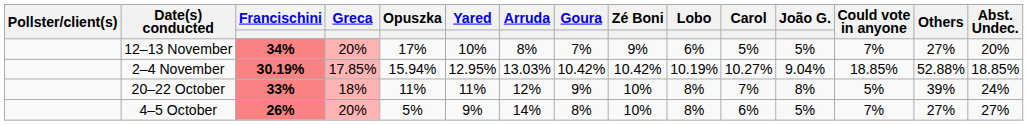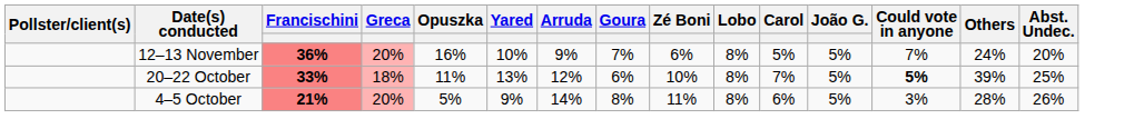 <table class="wikitable" style="text-align:center;font-size:90%;line-height:14px;">
 <tr>
 <th rowspan="2">Pollster/client(s)</th>
 <th rowspan="2">Date(s)<br>conducted</th>
 <th><a href='#'>Francischini</a><br></th>
 <th><a href='#'>Greca</a><br></th>
 <th>Opuszka<br></th>
 <th><a href='#'>Yared</a><br></th>
 <th><a href='#'>Arruda</a><br></th>
 <th><a href='#'>Goura</a><br></th>
 <th>Zé Boni<br></th>
 <th>Lobo<br></th>
 <th>Carol<br></th>
 <th>João G.<br></th>
 <th rowspan="2">Could vote<br>in anyone</th>
 <th rowspan="2">Others</th>
 <th rowspan="2">Abst.<br>Undec.</th>
 </tr>
 <tr>
 <th class="sortable" data-sort-type="number" style="background:"></th>
 <th class="sortable" data-sort-type="number" style="background:"></th>
 <th class="sortable" data-sort-type="number" style="background:"></th>
 <th class="sortable" data-sort-type="number" style="background:"></th>
 <th class="sortable" data-sort-type="number" style="background:"></th>
 <th class="sortable" data-sort-type="number" style="background:"></th>
 <th class="sortable" data-sort-type="number" style="background:"></th>
 <th class="sortable" data-sort-type="number" style="background:"></th>
 <th class="sortable" data-sort-type="number" style="background:"></th>
 <th class="sortable" data-sort-type="number" style="background:"></th>
 </tr>
 <tr>
 <td></td>
 <td>12–13 November</td>
-<td style="background:#fa8282;"><strong>34%</strong></td>
+<td style="background:#fa8282;"><strong>36%</strong></td>
 <td style="background:#ffb3b3;">20%</td>
-<td>17%</td>
+<td>16%</td>
 <td>10%</td>
+<td>9%</td>
+<td>7%</td>
+<td>6%</td>
 <td>8%</td>
-<td>7%</td>
-<td>9%</td>
-<td>6%</td>
 <td>5%</td>
 <td>5%</td>
 <td>7%</td>
-<td>27%</td>
+<td>24%</td>
 <td>20%</td>
-</tr>
-<tr>
-<td></td>
-<td>2–4 November</td>
-<td style="background:#fa8282;"><strong>30.19%</strong></td>
-<td style="background:#ffb3b3;">17.85%</td>
-<td>15.94%</td>
-<td>12.95%</td>
-<td>13.03%</td>
-<td>10.42%</td>
-<td>10.42%</td>
-<td>10.19%</td>
-<td>10.27%</td>
-<td>9.04%</td>
-<td>18.85%</td>
-<td>52.88%</td>
-<td>18.85%</td>
 </tr>
 <tr>
 <td></td>
 <td>20–22 October</td>
 <td style="background:#fa8282;"><strong>33%</strong></td>
 <td style="background:#ffb3b3;">18%</td>
 <td>11%</td>
-<td>11%</td>
+<td>13%</td>
 <td>12%</td>
-<td>9%</td>
+<td>6%</td>
 <td>10%</td>
 <td>8%</td>
 <td>7%</td>
-<td>8%</td>
 <td>5%</td>
+<td><strong>5%</strong></td>
 <td>39%</td>
-<td>24%</td>
+<td>25%</td>
 </tr>
 <tr>
 <td></td>
 <td>4–5 October</td>
-<td style="background:#fa8282;"><strong>26%</strong></td>
+<td style="background:#fa8282;"><strong>21%</strong></td>
 <td style="background:#ffb3b3;">20%</td>
 <td>5%</td>
 <td>9%</td>
 <td>14%</td>
 <td>8%</td>
-<td>10%</td>
+<td>11%</td>
 <td>8%</td>
 <td>6%</td>
 <td>5%</td>
-<td>7%</td>
-<td>27%</td>
-<td>27%</td>
+<td>3%</td>
+<td>28%</td>
+<td>26%</td>
 </tr>
 </table>
